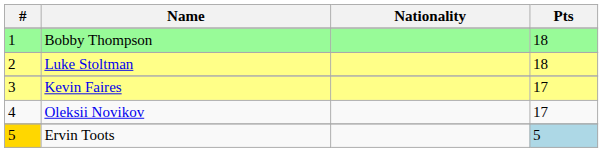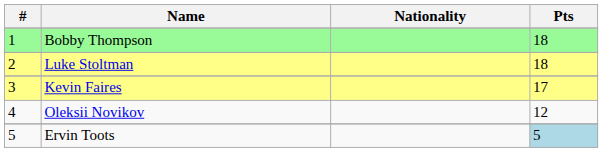 <table class="wikitable" style="display: inline-table; width: 50%;">
 <tr>
 <th>#</th>
 <th>Name</th>
 <th>Nationality</th>
 <th>Pts</th>
 </tr>
 <tr>
 </tr>
 <tr style="background:palegreen">
 <td>1</td>
 <td>Bobby Thompson</td>
 <td></td>
 <td>18</td>
 </tr>
 <tr>
 </tr>
 <tr style="background:#ff8">
 <td>2</td>
 <td><a href='#'>Luke Stoltman</a></td>
 <td></td>
 <td>18</td>
 </tr>
 <tr>
 </tr>
 <tr style="background:#ff8">
 <td>3</td>
 <td><a href='#'>Kevin Faires</a></td>
 <td></td>
 <td>17</td>
 </tr>
 <tr>
 <td>4</td>
 <td><a href='#'>Oleksii Novikov</a></td>
 <td></td>
-<td>17</td>
+<td>12</td>
 </tr>
 <tr>
 </tr>
 <tr>
-<td style="background: gold;">5</td>
+<td>5</td>
 <td>Ervin Toots</td>
 <td></td>
 <td style="background: lightblue;">5</td>
 </tr>
 </table>
